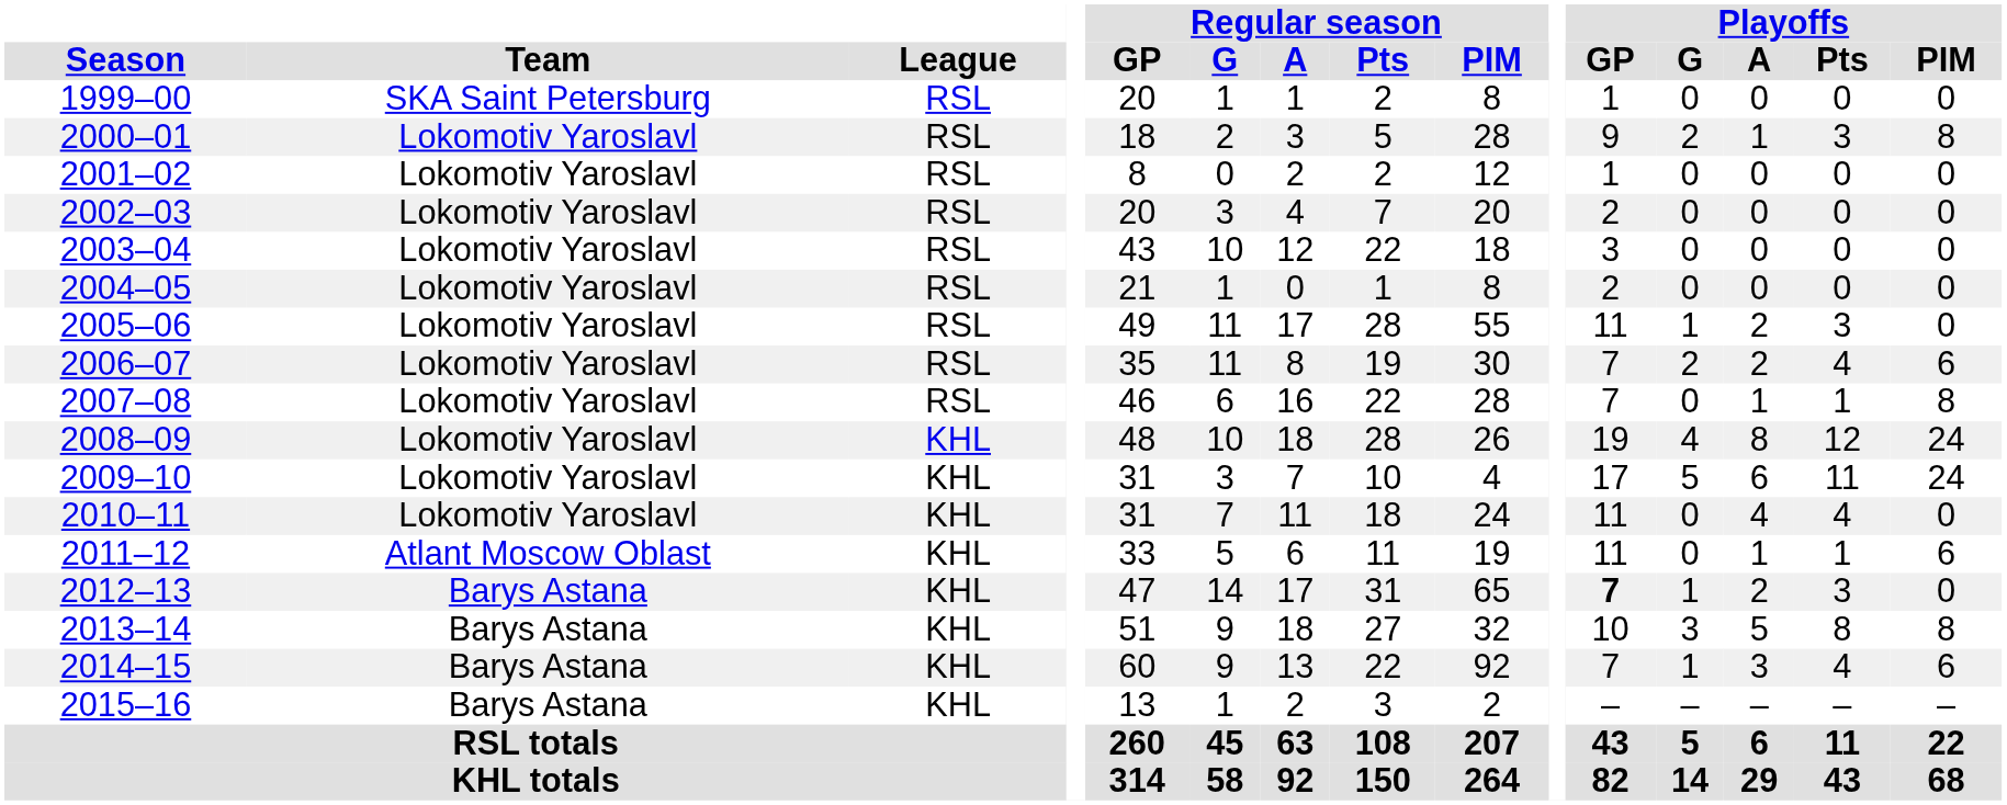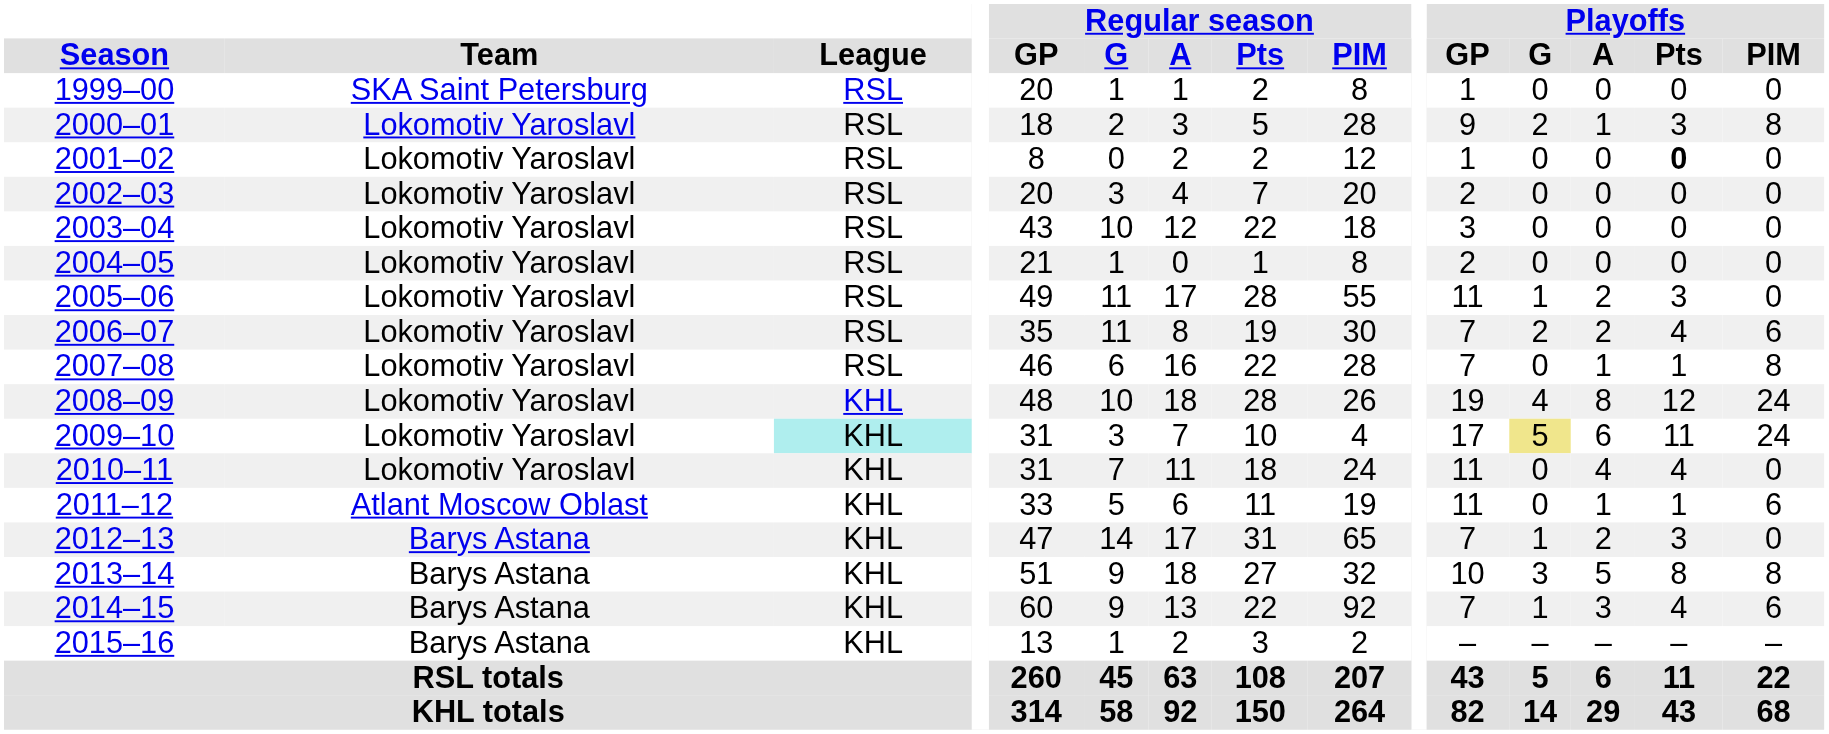 <table BORDER="0" CELLPADDING="0" CELLSPACING="0" width="75%" style="text-align:center">
 <tr bgcolor="#e0e0e0">
 <th colspan="3" bgcolor="#ffffff"> </th>
 <th rowspan="99" bgcolor="#ffffff"> </th>
 <th colspan="5"><a href='#'>Regular season</a></th>
 <th rowspan="99" bgcolor="#ffffff"> </th>
 <th colspan="5"><a href='#'>Playoffs</a></th>
 </tr>
 <tr bgcolor="#e0e0e0">
 <th><a href='#'>Season</a></th>
 <th>Team</th>
 <th>League</th>
 <th>GP</th>
 <th><a href='#'>G</a></th>
 <th><a href='#'>A</a></th>
 <th><a href='#'>Pts</a></th>
 <th><a href='#'>PIM</a></th>
 <th>GP</th>
 <th>G</th>
 <th>A</th>
 <th>Pts</th>
 <th>PIM</th>
 </tr>
 <tr>
 <td><a href='#'>1999–00</a></td>
 <td><a href='#'>SKA Saint Petersburg</a></td>
 <td><a href='#'>RSL</a></td>
 <td>20</td>
 <td>1</td>
 <td>1</td>
 <td>2</td>
 <td>8</td>
 <td>1</td>
 <td>0</td>
 <td>0</td>
 <td>0</td>
 <td>0</td>
 </tr>
 <tr bgcolor="#f0f0f0">
 <td><a href='#'>2000–01</a></td>
 <td><a href='#'>Lokomotiv Yaroslavl</a></td>
 <td>RSL</td>
 <td>18</td>
 <td>2</td>
 <td>3</td>
 <td>5</td>
 <td>28</td>
 <td>9</td>
 <td>2</td>
 <td>1</td>
 <td>3</td>
 <td>8</td>
 </tr>
 <tr>
 <td><a href='#'>2001–02</a></td>
 <td>Lokomotiv Yaroslavl</td>
 <td>RSL</td>
 <td>8</td>
 <td>0</td>
 <td>2</td>
 <td>2</td>
 <td>12</td>
 <td>1</td>
 <td>0</td>
 <td>0</td>
-<td>0</td>
+<td><strong>0</strong></td>
 <td>0</td>
 </tr>
 <tr bgcolor="#f0f0f0">
 <td><a href='#'>2002–03</a></td>
 <td>Lokomotiv Yaroslavl</td>
 <td>RSL</td>
 <td>20</td>
 <td>3</td>
 <td>4</td>
 <td>7</td>
 <td>20</td>
 <td>2</td>
 <td>0</td>
 <td>0</td>
 <td>0</td>
 <td>0</td>
 </tr>
 <tr>
 <td><a href='#'>2003–04</a></td>
 <td>Lokomotiv Yaroslavl</td>
 <td>RSL</td>
 <td>43</td>
 <td>10</td>
 <td>12</td>
 <td>22</td>
 <td>18</td>
 <td>3</td>
 <td>0</td>
 <td>0</td>
 <td>0</td>
 <td>0</td>
 </tr>
 <tr bgcolor="#f0f0f0">
 <td><a href='#'>2004–05</a></td>
 <td>Lokomotiv Yaroslavl</td>
 <td>RSL</td>
 <td>21</td>
 <td>1</td>
 <td>0</td>
 <td>1</td>
 <td>8</td>
 <td>2</td>
 <td>0</td>
 <td>0</td>
 <td>0</td>
 <td>0</td>
 </tr>
 <tr>
 <td><a href='#'>2005–06</a></td>
 <td>Lokomotiv Yaroslavl</td>
 <td>RSL</td>
 <td>49</td>
 <td>11</td>
 <td>17</td>
 <td>28</td>
 <td>55</td>
 <td>11</td>
 <td>1</td>
 <td>2</td>
 <td>3</td>
 <td>0</td>
 </tr>
 <tr bgcolor="#f0f0f0">
 <td><a href='#'>2006–07</a></td>
 <td>Lokomotiv Yaroslavl</td>
 <td>RSL</td>
 <td>35</td>
 <td>11</td>
 <td>8</td>
 <td>19</td>
 <td>30</td>
 <td>7</td>
 <td>2</td>
 <td>2</td>
 <td>4</td>
 <td>6</td>
 </tr>
 <tr>
 <td><a href='#'>2007–08</a></td>
 <td>Lokomotiv Yaroslavl</td>
 <td>RSL</td>
 <td>46</td>
 <td>6</td>
 <td>16</td>
 <td>22</td>
 <td>28</td>
 <td>7</td>
 <td>0</td>
 <td>1</td>
 <td>1</td>
 <td>8</td>
 </tr>
 <tr bgcolor="#f0f0f0">
 <td><a href='#'>2008–09</a></td>
 <td>Lokomotiv Yaroslavl</td>
 <td><a href='#'>KHL</a></td>
 <td>48</td>
 <td>10</td>
 <td>18</td>
 <td>28</td>
 <td>26</td>
 <td>19</td>
 <td>4</td>
 <td>8</td>
 <td>12</td>
 <td>24</td>
 </tr>
 <tr>
 <td><a href='#'>2009–10</a></td>
 <td>Lokomotiv Yaroslavl</td>
-<td>KHL</td>
+<td style="background: paleturquoise;">KHL</td>
 <td>31</td>
 <td>3</td>
 <td>7</td>
 <td>10</td>
 <td>4</td>
 <td>17</td>
-<td>5</td>
+<td style="background: khaki;">5</td>
 <td>6</td>
 <td>11</td>
 <td>24</td>
 </tr>
 <tr bgcolor="#f0f0f0">
 <td><a href='#'>2010–11</a></td>
 <td>Lokomotiv Yaroslavl</td>
 <td>KHL</td>
 <td>31</td>
 <td>7</td>
 <td>11</td>
 <td>18</td>
 <td>24</td>
 <td>11</td>
 <td>0</td>
 <td>4</td>
 <td>4</td>
 <td>0</td>
 </tr>
 <tr>
 <td><a href='#'>2011–12</a></td>
 <td><a href='#'>Atlant Moscow Oblast</a></td>
 <td>KHL</td>
 <td>33</td>
 <td>5</td>
 <td>6</td>
 <td>11</td>
 <td>19</td>
 <td>11</td>
 <td>0</td>
 <td>1</td>
 <td>1</td>
 <td>6</td>
 </tr>
 <tr bgcolor="#f0f0f0">
 <td><a href='#'>2012–13</a></td>
 <td><a href='#'>Barys Astana</a></td>
 <td>KHL</td>
 <td>47</td>
 <td>14</td>
 <td>17</td>
 <td>31</td>
 <td>65</td>
-<td><strong>7</strong></td>
+<td>7</td>
 <td>1</td>
 <td>2</td>
 <td>3</td>
 <td>0</td>
 </tr>
 <tr>
 <td><a href='#'>2013–14</a></td>
 <td>Barys Astana</td>
 <td>KHL</td>
 <td>51</td>
 <td>9</td>
 <td>18</td>
 <td>27</td>
 <td>32</td>
 <td>10</td>
 <td>3</td>
 <td>5</td>
 <td>8</td>
 <td>8</td>
 </tr>
 <tr bgcolor="#f0f0f0">
 <td><a href='#'>2014–15</a></td>
 <td>Barys Astana</td>
 <td>KHL</td>
 <td>60</td>
 <td>9</td>
 <td>13</td>
 <td>22</td>
 <td>92</td>
 <td>7</td>
 <td>1</td>
 <td>3</td>
 <td>4</td>
 <td>6</td>
 </tr>
 <tr>
 <td><a href='#'>2015–16</a></td>
 <td>Barys Astana</td>
 <td>KHL</td>
 <td>13</td>
 <td>1</td>
 <td>2</td>
 <td>3</td>
 <td>2</td>
 <td>–</td>
 <td>–</td>
 <td>–</td>
 <td>–</td>
 <td>–</td>
 </tr>
 <tr style="background:#e0e0e0;">
 <th colspan="3">RSL totals</th>
 <th>260</th>
 <th>45</th>
 <th>63</th>
 <th>108</th>
 <th>207</th>
 <th>43</th>
 <th>5</th>
 <th>6</th>
 <th>11</th>
 <th>22</th>
 </tr>
 <tr style="background:#e0e0e0;">
 <th colspan="3">KHL totals</th>
 <th>314</th>
 <th>58</th>
 <th>92</th>
 <th>150</th>
 <th>264</th>
 <th>82</th>
 <th>14</th>
 <th>29</th>
 <th>43</th>
 <th>68</th>
 </tr>
 </table>
